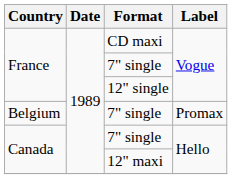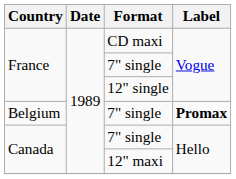 <table class=wikitable>
 <tr>
 <th>Country</th>
 <th>Date</th>
 <th>Format</th>
 <th>Label</th>
 </tr>
 <tr>
 <td rowspan="3">France</td>
 <td rowspan="6">1989</td>
 <td>CD maxi</td>
 <td rowspan="3"><a href='#'>Vogue</a></td>
 </tr>
 <tr>
 <td>7" single</td>
 </tr>
 <tr>
 <td>12" single</td>
 </tr>
 <tr>
 <td>Belgium</td>
 <td>7" single</td>
-<td>Promax</td>
+<td><strong>Promax</strong></td>
 </tr>
 <tr>
 <td rowspan="2">Canada</td>
 <td>7" single</td>
 <td rowspan="2">Hello</td>
 </tr>
 <tr>
 <td>12" maxi</td>
 </tr>
 <tr>
 </tr>
 </table>
